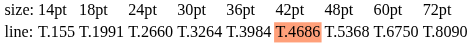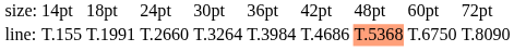 <table style="margin-left:40px;">
 <tr>
 <td>size:</td>
 <td>14pt</td>
 <td>18pt</td>
 <td>24pt</td>
 <td>30pt</td>
 <td>36pt</td>
 <td>42pt</td>
 <td>48pt</td>
 <td>60pt</td>
 <td>72pt</td>
 </tr>
 <tr>
 <td>line:</td>
 <td>T.155</td>
 <td>T.1991</td>
 <td>T.2660</td>
 <td>T.3264</td>
 <td>T.3984</td>
-<td style="background: lightsalmon;">T.4686</td>
-<td>T.5368</td>
+<td>T.4686</td>
+<td style="background: lightsalmon;">T.5368</td>
 <td>T.6750</td>
 <td>T.8090</td>
 </tr>
 </table>
